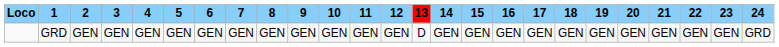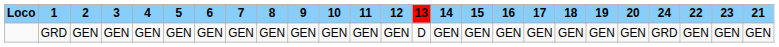 <table class="wikitable plainrowheaders unsortable" style="text-align:center">
 <tr>
 <th scope="col" rowspan="1" style="background:lightskyblue;">Loco</th>
 <th scope="col" rowspan="1" style="background:lightskyblue;">1</th>
 <th scope="col" rowspan="1" style="background:lightskyblue;">2</th>
 <th scope="col" rowspan="1" style="background:lightskyblue;">3</th>
 <th scope="col" rowspan="1" style="background:lightskyblue;">4</th>
 <th scope="col" rowspan="1" style="background:lightskyblue;">5</th>
 <th scope="col" rowspan="1" style="background:lightskyblue;">6</th>
 <th scope="col" rowspan="1" style="background:lightskyblue;">7</th>
 <th scope="col" rowspan="1" style="background:lightskyblue;">8</th>
 <th scope="col" rowspan="1" style="background:lightskyblue;">9</th>
 <th scope="col" rowspan="1" style="background:lightskyblue;">10</th>
 <th scope="col" rowspan="1" style="background:lightskyblue;">11</th>
 <th scope="col" rowspan="1" style="background:lightskyblue;">12</th>
 <th scope="col" rowspan="1" style="background:RED;">13</th>
 <th scope="col" rowspan="1" style="background:lightskyblue;">14</th>
 <th scope="col" rowspan="1" style="background:lightskyblue;">15</th>
 <th scope="col" rowspan="1" style="background:lightskyblue;">16</th>
 <th scope="col" rowspan="1" style="background:lightskyblue;">17</th>
 <th scope="col" rowspan="1" style="background:lightskyblue;">18</th>
 <th scope="col" rowspan="1" style="background:lightskyblue;">19</th>
 <th scope="col" rowspan="1" style="background:lightskyblue;">20</th>
-<th scope="col" rowspan="1" style="background:lightskyblue;">21</th>
+<th scope="col" rowspan="1" style="background:lightskyblue;">24</th>
 <th scope="col" rowspan="1" style="background:lightskyblue;">22</th>
 <th scope="col" rowspan="1" style="background:lightskyblue;">23</th>
-<th scope="col" rowspan="1" style="background:lightskyblue;">24</th>
+<th scope="col" rowspan="1" style="background:lightskyblue;">21</th>
 </tr>
 <tr>
 <td></td>
 <td>GRD</td>
 <td>GEN</td>
 <td>GEN</td>
 <td>GEN</td>
 <td>GEN</td>
 <td>GEN</td>
 <td>GEN</td>
 <td>GEN</td>
 <td>GEN</td>
 <td>GEN</td>
 <td>GEN</td>
 <td>GEN</td>
 <td>D</td>
 <td>GEN</td>
 <td>GEN</td>
 <td>GEN</td>
 <td>GEN</td>
 <td>GEN</td>
 <td>GEN</td>
 <td>GEN</td>
+<td>GRD</td>
 <td>GEN</td>
 <td>GEN</td>
 <td>GEN</td>
-<td>GRD</td>
 </tr>
 </table>
